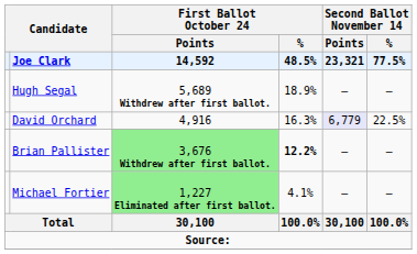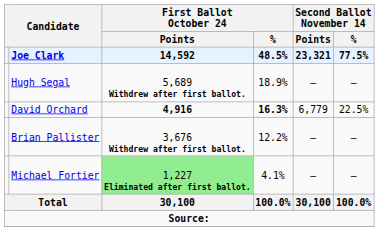 <table class="wikitable">
 <tr>
 <th rowspan="2" colspan="2">Candidate</th>
 <th colspan="2">First Ballot<br>October 24</th>
 <th colspan="2">Second Ballot<br>November 14</th>
 </tr>
 <tr>
 <th>Points</th>
 <th>%</th>
 <th>Points</th>
 <th>%</th>
 </tr>
 <tr style="background:#E6F2FF">
 <td></td>
 <td><strong><a href='#'>Joe Clark</a></strong></td>
 <td align = "center"><strong>14,592</strong></td>
 <td align = "center"><strong>48.5%</strong></td>
 <td align = "center"><strong>23,321</strong></td>
 <td align = "center"><strong>77.5%</strong></td>
 </tr>
 <tr>
 <td></td>
 <td><a href='#'>Hugh Segal</a></td>
 <td align = "center"><br>5,689<br><strong><small>Withdrew after first ballot.</small></strong></td>
 <td align = "center">18.9%</td>
 <td align = "center">–</td>
 <td align = "center">–</td>
 </tr>
 <tr>
 <td></td>
 <td><a href='#'>David Orchard</a></td>
-<td align = "center">4,916</td>
-<td align = "center">16.3%</td>
-<td align = "center" style="background: lavender;">6,779</td>
+<td align = "center"><strong>4,916</strong></td>
+<td align = "center"><strong>16.3%</strong></td>
+<td align = "center">6,779</td>
 <td align = "center">22.5%</td>
 </tr>
 <tr>
 <td></td>
 <td><a href='#'>Brian Pallister</a></td>
-<td align = "center" style="background: lightgreen;"><br>3,676 <br><strong><small>Withdrew after first ballot.</small></strong></td>
-<td align = "center"><strong>12.2%</strong></td>
+<td align = "center"><br>3,676 <br><strong><small>Withdrew after first ballot.</small></strong></td>
+<td align = "center">12.2%</td>
 <td align = "center">–</td>
 <td align = "center">–</td>
 </tr>
 <tr>
 <td></td>
 <td><a href='#'>Michael Fortier</a></td>
 <td align = "center" style="background: lightgreen;"><br>1,227<br><strong><small>Eliminated after first ballot.</small></strong></td>
 <td align = "center">4.1%</td>
 <td align = "center">–</td>
 <td align = "center">–</td>
 </tr>
 <tr>
 <th colspan = "2">Total</th>
 <th>30,100</th>
 <th>100.0%</th>
 <th>30,100</th>
 <th>100.0%</th>
 </tr>
 <tr>
 <td colspan=6 align = "center"><strong>Source:</strong>  </td>
 </tr>
 <tr>
 </tr>
 </table>
